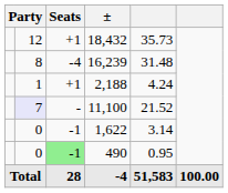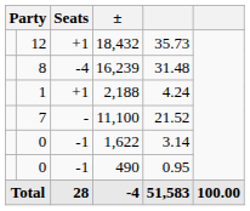 <table class=wikitable>
 <tr>
 <th colspan=2 align=center>Party</th>
 <th>Seats</th>
 <th>±</th>
 <th></th>
 <th></th>
 </tr>
 <tr>
 <td></td>
 <td align=right>12</td>
 <td align=right>+1</td>
 <td align=right>18,432</td>
 <td align=right>35.73</td>
 </tr>
 <tr>
 <td></td>
 <td align=right>8</td>
 <td align=right>-4</td>
 <td align=right>16,239</td>
 <td align=right>31.48</td>
 </tr>
 <tr>
 <td></td>
 <td align=right>1</td>
 <td align=right>+1</td>
 <td align=right>2,188</td>
 <td align=right>4.24</td>
 </tr>
 <tr>
 <td></td>
-<td align=right style="background: lavender;">7</td>
+<td align=right>7</td>
 <td align=right>-</td>
 <td align=right>11,100</td>
 <td align=right>21.52</td>
 </tr>
 <tr>
 <td></td>
 <td align=right>0</td>
 <td align=right>-1</td>
 <td align=right>1,622</td>
 <td align=right>3.14</td>
 </tr>
 <tr>
 <td></td>
 <td align=right>0</td>
-<td align=right style="background: lightgreen;">-1</td>
+<td align=right>-1</td>
 <td align=right>490</td>
 <td align=right>0.95</td>
 </tr>
 <tr style="font-weight:bold; background:rgb(232,232,232);">
 <td colspan=2 align=center>Total</td>
 <td align=right>28</td>
 <td align=right>-4</td>
 <td align=right>51,583</td>
 <td align=center>100.00</td>
 </tr>
 </table>
